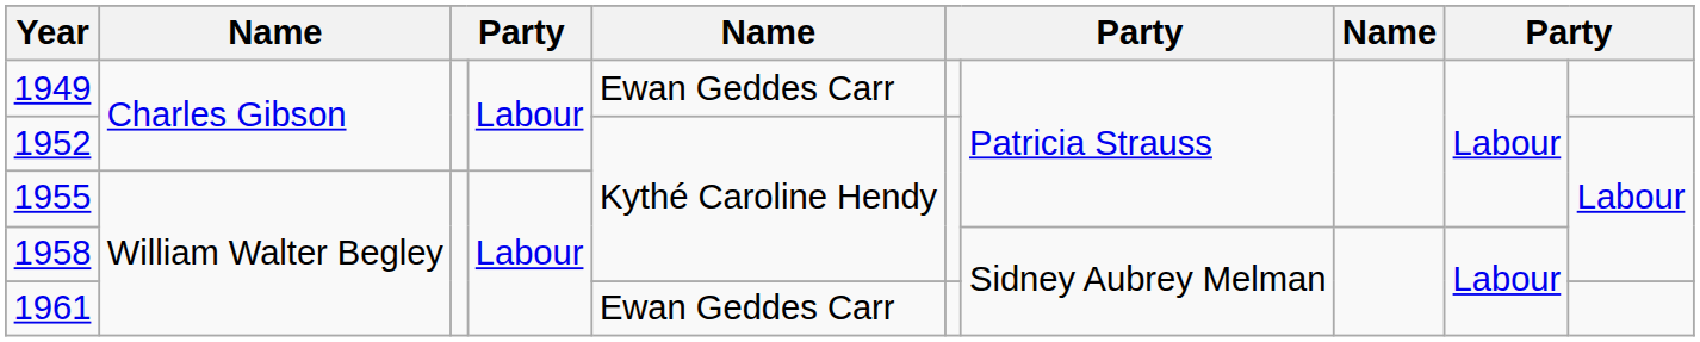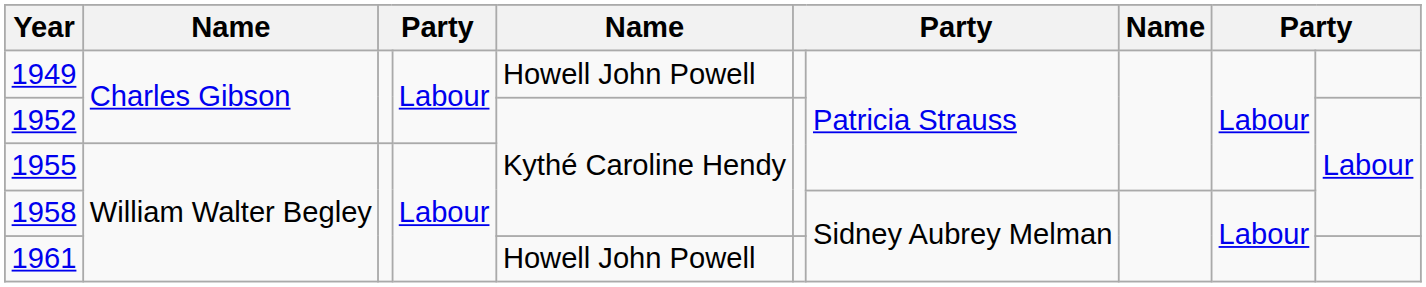 <table class="wikitable">
 <tr>
 <th>Year</th>
 <th>Name</th>
 <th colspan=2>Party</th>
 <th>Name</th>
 <th colspan=2>Party</th>
 <th>Name</th>
 <th colspan=2>Party</th>
 </tr>
 <tr>
 <td><a href='#'>1949</a></td>
 <td rowspan=2><a href='#'>Charles Gibson</a></td>
 <td rowspan=2 style="background-color: "></td>
 <td rowspan=2><a href='#'>Labour</a></td>
-<td>Ewan Geddes Carr</td>
+<td>Howell John Powell</td>
 <td></td>
 <td rowspan=3><a href='#'>Patricia Strauss</a></td>
 <td rowspan=3 style="background-color: "></td>
 <td rowspan=3><a href='#'>Labour</a></td>
 </tr>
 <tr>
 <td><a href='#'>1952</a></td>
 <td rowspan=3>Kythé Caroline Hendy</td>
 <td rowspan=3 style="background-color: "></td>
 <td rowspan=3><a href='#'>Labour</a></td>
 </tr>
 <tr>
 <td><a href='#'>1955</a></td>
 <td rowspan=3>William Walter Begley</td>
 <td rowspan=3 style="background-color: "></td>
 <td rowspan=3><a href='#'>Labour</a></td>
 </tr>
 <tr>
 <td><a href='#'>1958</a></td>
 <td rowspan=2>Sidney Aubrey Melman</td>
 <td rowspan=2 style="background-color: "></td>
 <td rowspan=2><a href='#'>Labour</a></td>
 </tr>
 <tr>
 <td><a href='#'>1961</a></td>
-<td>Ewan Geddes Carr</td>
+<td>Howell John Powell</td>
 <td></td>
 </tr>
 </table>
